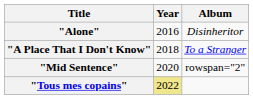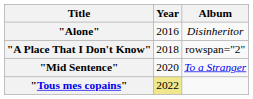 <table class="wikitable plainrowheaders" style="text-align:center">
 <tr>
 <th scope="col">Title</th>
 <th scope="col">Year</th>
 <th scope="col">Album</th>
 </tr>
 <tr>
 <th scope="row">"Alone"<br></th>
 <td>2016</td>
 <td><em>Disinheritor</em></td>
 </tr>
 <tr>
 <th scope="row">"A Place That I Don't Know"<br></th>
 <td>2018</td>
-<td><em><a href='#'>To a Stranger</a></em></td>
+<td>rowspan="2" </td>
 </tr>
 <tr>
 <th scope="row">"Mid Sentence"<br></th>
 <td>2020</td>
-<td>rowspan="2" </td>
+<td><em><a href='#'>To a Stranger</a></em></td>
 </tr>
 <tr>
 <th scope="row">"<a href='#'>Tous mes copains</a>"<br></th>
 <td style="background: khaki;">2022</td>
 </tr>
 </table>
